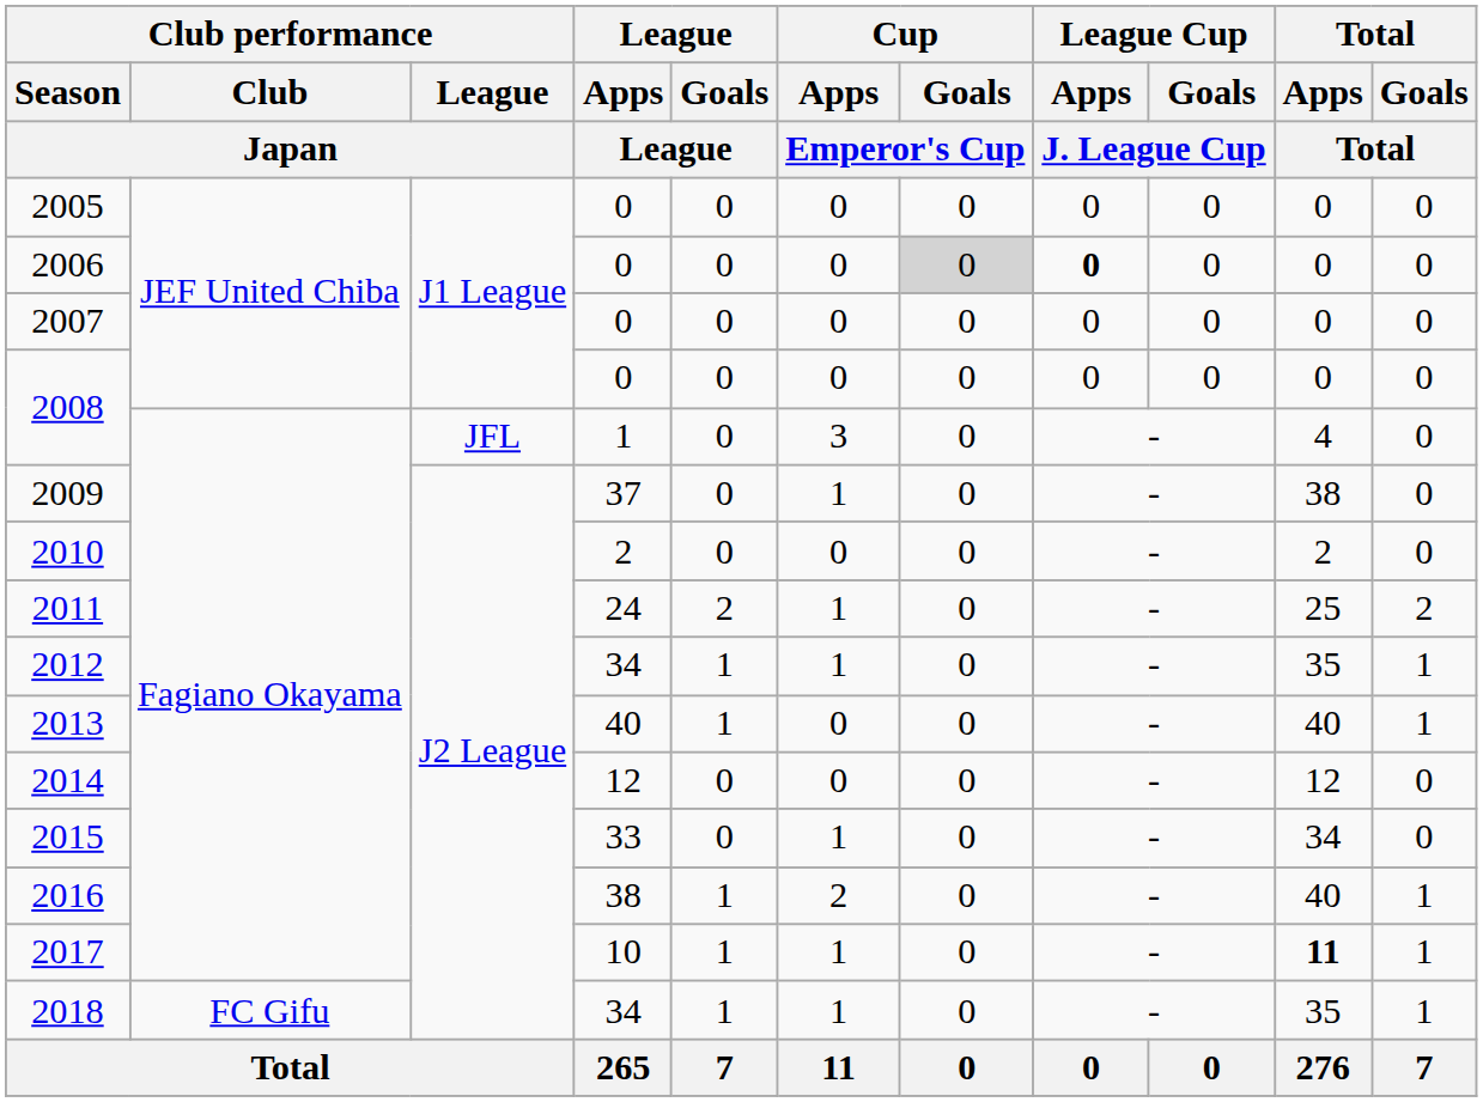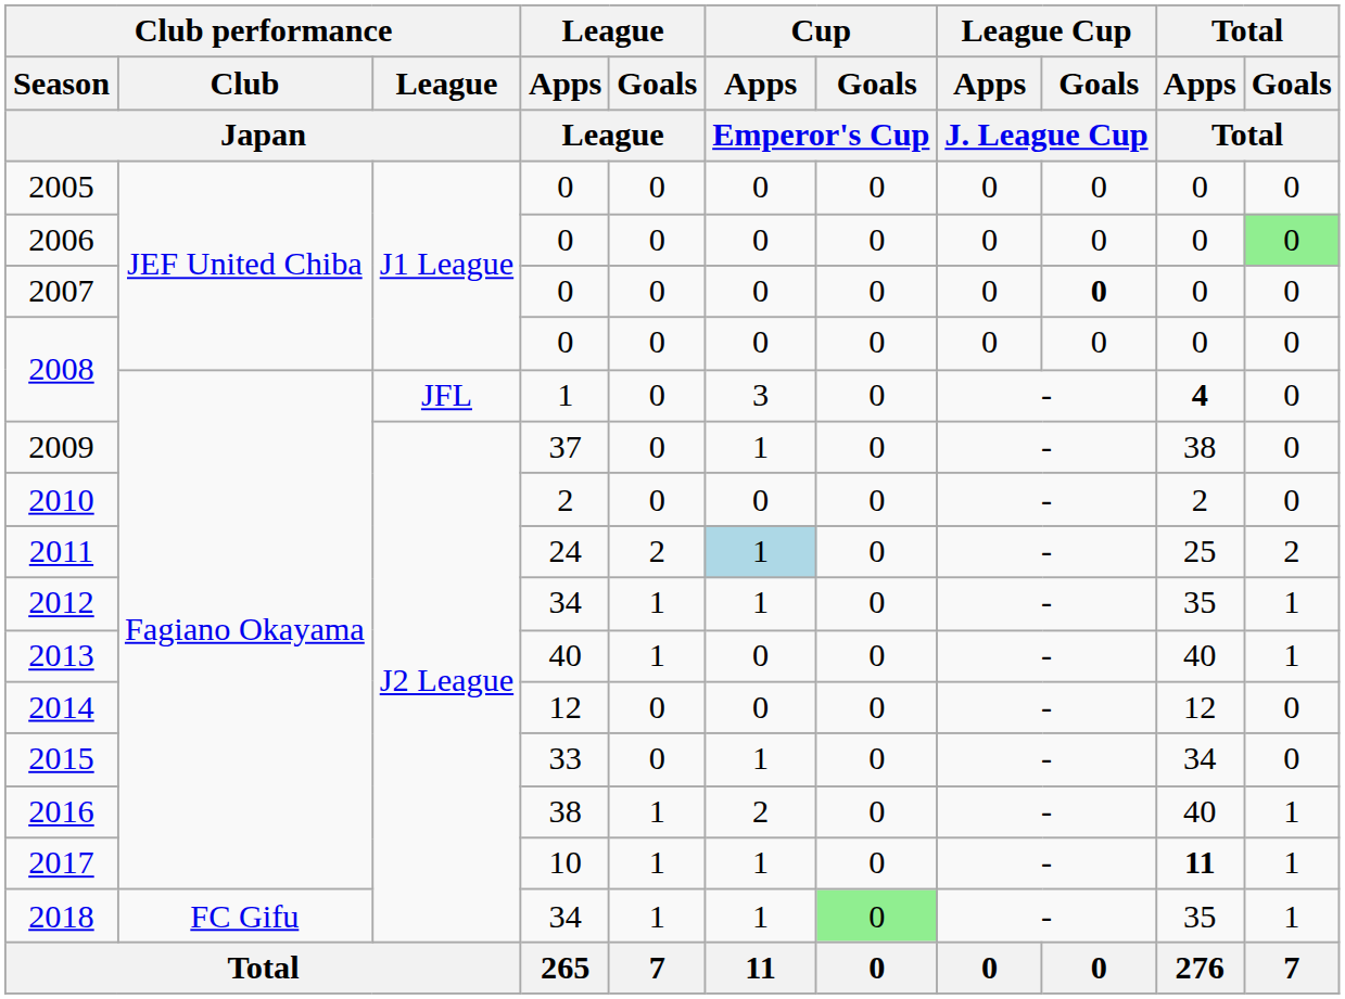 <table class="wikitable" style="text-align:center;">
 <tr>
 <th colspan=3>Club performance</th>
 <th colspan=2>League</th>
 <th colspan=2>Cup</th>
 <th colspan=2>League Cup</th>
 <th colspan=2>Total</th>
 </tr>
 <tr>
 <th>Season</th>
 <th>Club</th>
 <th>League</th>
 <th>Apps</th>
 <th>Goals</th>
 <th>Apps</th>
 <th>Goals</th>
 <th>Apps</th>
 <th>Goals</th>
 <th>Apps</th>
 <th>Goals</th>
 </tr>
 <tr>
 <th colspan=3>Japan</th>
 <th colspan=2>League</th>
 <th colspan=2><a href='#'>Emperor's Cup</a></th>
 <th colspan=2><a href='#'>J. League Cup</a></th>
 <th colspan=2>Total</th>
 </tr>
 <tr>
 <td>2005</td>
 <td rowspan="4"><a href='#'>JEF United Chiba</a></td>
 <td rowspan="4"><a href='#'>J1 League</a></td>
 <td>0</td>
 <td>0</td>
 <td>0</td>
 <td>0</td>
 <td>0</td>
 <td>0</td>
 <td>0</td>
 <td>0</td>
 </tr>
 <tr>
 <td>2006</td>
 <td>0</td>
 <td>0</td>
 <td>0</td>
-<td style="background: lightgrey;">0</td>
-<td><strong>0</strong></td>
 <td>0</td>
 <td>0</td>
 <td>0</td>
+<td>0</td>
+<td style="background: lightgreen;">0</td>
 </tr>
 <tr>
 <td>2007</td>
 <td>0</td>
 <td>0</td>
 <td>0</td>
 <td>0</td>
 <td>0</td>
-<td>0</td>
+<td><strong>0</strong></td>
 <td>0</td>
 <td>0</td>
 </tr>
 <tr>
 <td rowspan="2"><a href='#'>2008</a></td>
 <td>0</td>
 <td>0</td>
 <td>0</td>
 <td>0</td>
 <td>0</td>
 <td>0</td>
 <td>0</td>
 <td>0</td>
 </tr>
 <tr>
 <td rowspan="10"><a href='#'>Fagiano Okayama</a></td>
 <td><a href='#'>JFL</a></td>
 <td>1</td>
 <td>0</td>
 <td>3</td>
 <td>0</td>
 <td colspan="2">-</td>
-<td>4</td>
+<td><strong>4</strong></td>
 <td>0</td>
 </tr>
 <tr>
 <td>2009</td>
 <td rowspan="10"><a href='#'>J2 League</a></td>
 <td>37</td>
 <td>0</td>
 <td>1</td>
 <td>0</td>
 <td colspan="2">-</td>
 <td>38</td>
 <td>0</td>
 </tr>
 <tr>
 <td><a href='#'>2010</a></td>
 <td>2</td>
 <td>0</td>
 <td>0</td>
 <td>0</td>
 <td colspan="2">-</td>
 <td>2</td>
 <td>0</td>
 </tr>
 <tr>
 <td><a href='#'>2011</a></td>
 <td>24</td>
 <td>2</td>
-<td>1</td>
+<td style="background: lightblue;">1</td>
 <td>0</td>
 <td colspan="2">-</td>
 <td>25</td>
 <td>2</td>
 </tr>
 <tr>
 <td><a href='#'>2012</a></td>
 <td>34</td>
 <td>1</td>
 <td>1</td>
 <td>0</td>
 <td colspan="2">-</td>
 <td>35</td>
 <td>1</td>
 </tr>
 <tr>
 <td><a href='#'>2013</a></td>
 <td>40</td>
 <td>1</td>
 <td>0</td>
 <td>0</td>
 <td colspan="2">-</td>
 <td>40</td>
 <td>1</td>
 </tr>
 <tr>
 <td><a href='#'>2014</a></td>
 <td>12</td>
 <td>0</td>
 <td>0</td>
 <td>0</td>
 <td colspan="2">-</td>
 <td>12</td>
 <td>0</td>
 </tr>
 <tr>
 <td><a href='#'>2015</a></td>
 <td>33</td>
 <td>0</td>
 <td>1</td>
 <td>0</td>
 <td colspan="2">-</td>
 <td>34</td>
 <td>0</td>
 </tr>
 <tr>
 <td><a href='#'>2016</a></td>
 <td>38</td>
 <td>1</td>
 <td>2</td>
 <td>0</td>
 <td colspan="2">-</td>
 <td>40</td>
 <td>1</td>
 </tr>
 <tr>
 <td><a href='#'>2017</a></td>
 <td>10</td>
 <td>1</td>
 <td>1</td>
 <td>0</td>
 <td colspan="2">-</td>
 <td><strong>11</strong></td>
 <td>1</td>
 </tr>
 <tr>
 <td><a href='#'>2018</a></td>
 <td rowspan=1><a href='#'>FC Gifu</a></td>
 <td>34</td>
 <td>1</td>
 <td>1</td>
-<td>0</td>
+<td style="background: lightgreen;">0</td>
 <td colspan="2">-</td>
 <td>35</td>
 <td>1</td>
 </tr>
 <tr>
 <th colspan=3>Total</th>
 <th>265</th>
 <th>7</th>
 <th>11</th>
 <th>0</th>
 <th>0</th>
 <th>0</th>
 <th>276</th>
 <th>7</th>
 </tr>
 </table>
